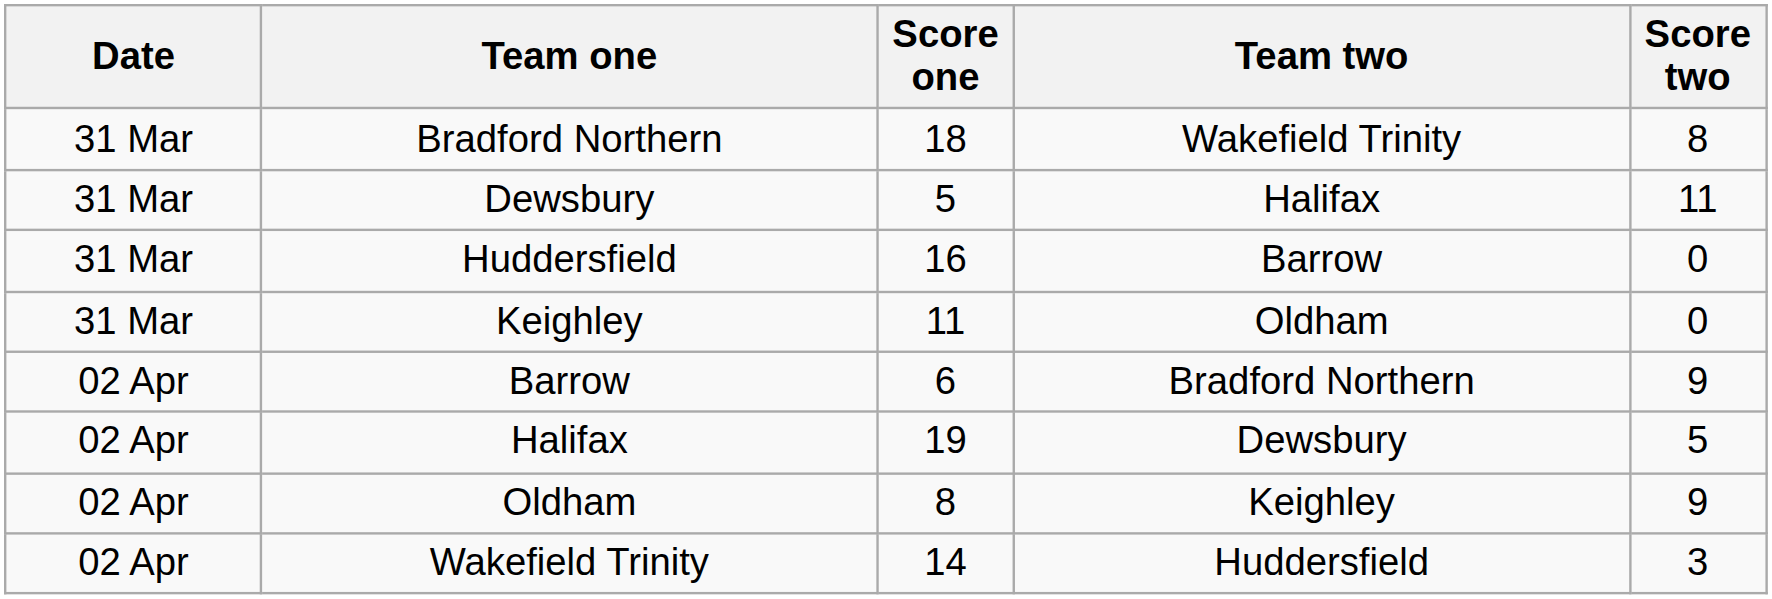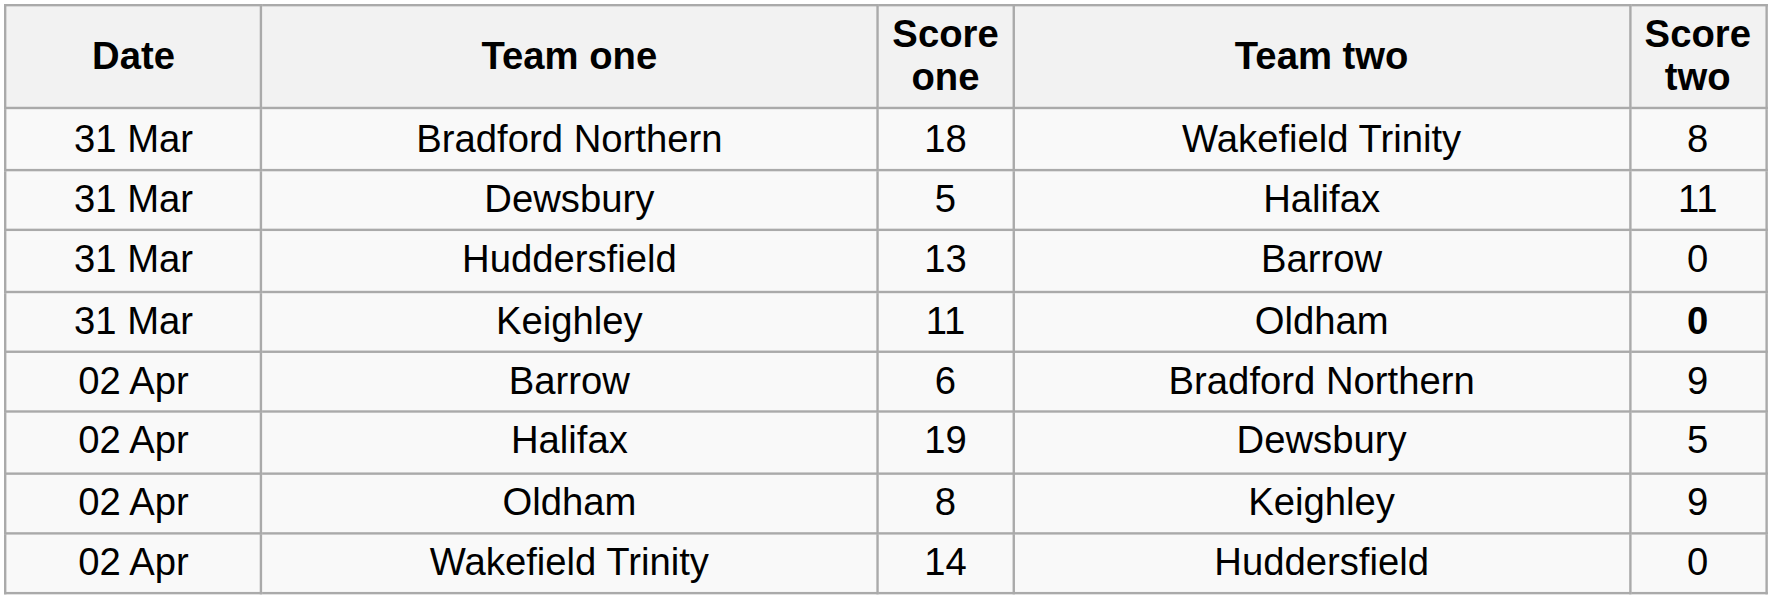 <table class="wikitable" style="text-align: center">
 <tr>
 <th width=100>Date</th>
 <th width=250>Team one</th>
 <th width=50>Score one</th>
 <th width=250>Team two</th>
 <th width=50>Score two</th>
 </tr>
 <tr>
 <td>31 Mar</td>
 <td>Bradford Northern</td>
 <td>18</td>
 <td>Wakefield Trinity</td>
 <td>8</td>
 </tr>
 <tr>
 <td>31 Mar</td>
 <td>Dewsbury</td>
 <td>5</td>
 <td>Halifax</td>
 <td>11</td>
 </tr>
 <tr>
 <td>31 Mar</td>
 <td>Huddersfield</td>
-<td>16</td>
+<td>13</td>
 <td>Barrow</td>
 <td>0</td>
 </tr>
 <tr>
 <td>31 Mar</td>
 <td>Keighley</td>
 <td>11</td>
 <td>Oldham</td>
-<td>0</td>
+<td><strong>0</strong></td>
 </tr>
 <tr>
 <td>02 Apr</td>
 <td>Barrow</td>
 <td>6</td>
 <td>Bradford Northern</td>
 <td>9</td>
 </tr>
 <tr>
 <td>02 Apr</td>
 <td>Halifax</td>
 <td>19</td>
 <td>Dewsbury</td>
 <td>5</td>
 </tr>
 <tr>
 <td>02 Apr</td>
 <td>Oldham</td>
 <td>8</td>
 <td>Keighley</td>
 <td>9</td>
 </tr>
 <tr>
 <td>02 Apr</td>
 <td>Wakefield Trinity</td>
 <td>14</td>
 <td>Huddersfield</td>
-<td>3</td>
+<td>0</td>
 </tr>
 </table>
